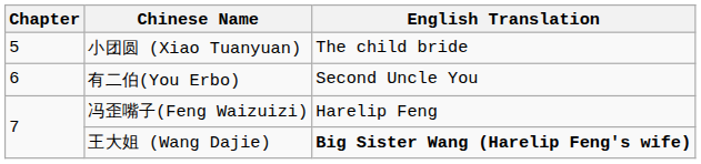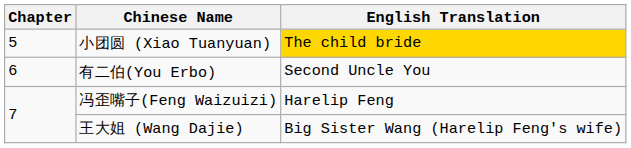 <table class="wikitable">
 <tr>
 <th>Chapter</th>
 <th>Chinese Name</th>
 <th>English Translation</th>
 </tr>
 <tr>
 <td>5</td>
 <td>小团圆 (Xiao Tuanyuan)</td>
-<td>The child bride</td>
+<td style="background: gold;">The child bride</td>
 </tr>
 <tr>
 <td>6</td>
 <td>有二伯(You Erbo)</td>
 <td>Second Uncle You</td>
 </tr>
 <tr>
 <td rowspan="2">7</td>
 <td>冯歪嘴子(Feng Waizuizi)</td>
 <td>Harelip Feng</td>
 </tr>
 <tr>
 <td>王大姐 (Wang Dajie)</td>
-<td><strong>Big Sister Wang (Harelip Feng's wife)</strong></td>
+<td>Big Sister Wang (Harelip Feng's wife)</td>
 </tr>
 </table>
